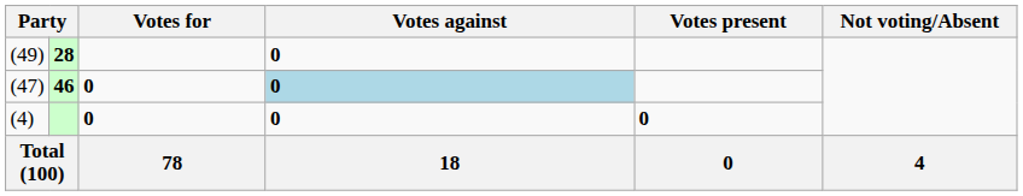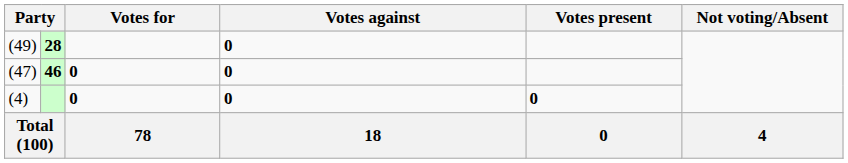 <table class="wikitable mw-collapsible mw-collapsed" style="width:50%;">
 <tr>
 <th colspan="2">Party</th>
 <th style="width:20%;">Votes for</th>
 <th style="width:40%;">Votes against</th>
 <th style="width:20%;">Votes present</th>
 <th style="width:20%;">Not voting/Absent</th>
 </tr>
 <tr>
 <td> (49)</td>
 <td style="background:#cfc;"><strong>28</strong></td>
 <td></td>
 <td><strong>0</strong></td>
 <td></td>
 </tr>
 <tr>
 <td> (47)</td>
 <td style="background:#cfc;"><strong>46</strong></td>
 <td><strong>0</strong></td>
-<td style="background: lightblue;"><strong>0</strong></td>
+<td><strong>0</strong></td>
 <td></td>
 </tr>
 <tr>
 <td> (4)</td>
 <td style="background:#cfc;"></td>
 <td><strong>0</strong></td>
 <td><strong>0</strong></td>
 <td><strong>0</strong></td>
 </tr>
 <tr>
 <th colspan="2">Total (100)</th>
 <th><strong>78</strong></th>
 <th>18</th>
 <th>0</th>
 <th>4</th>
 </tr>
 </table>
